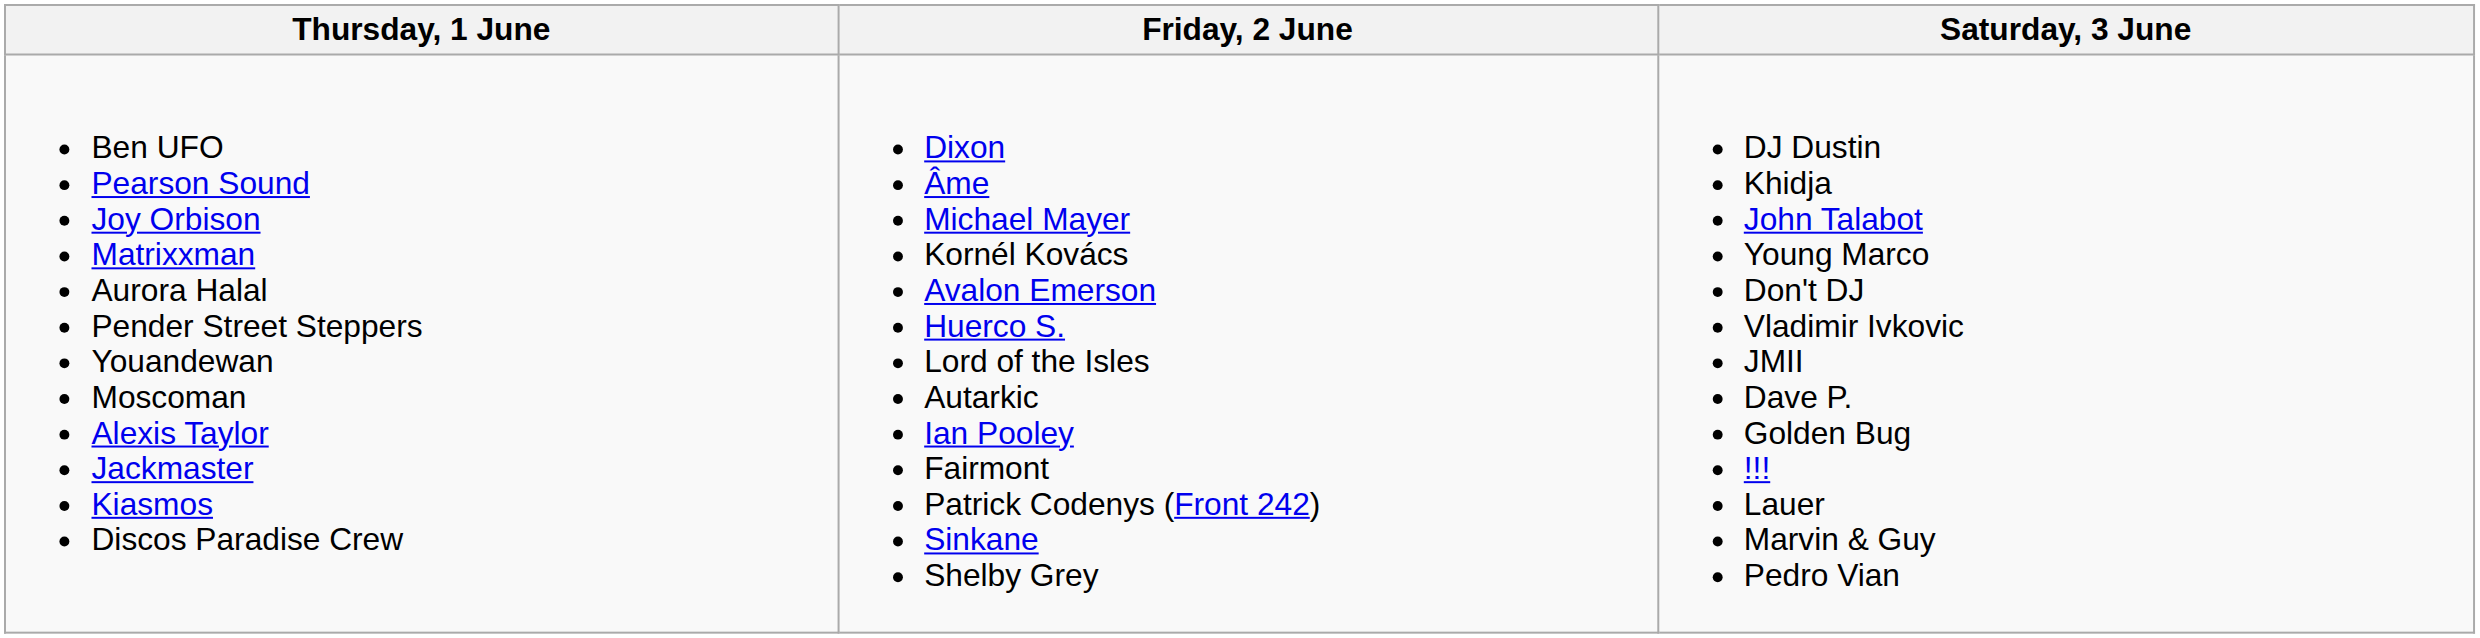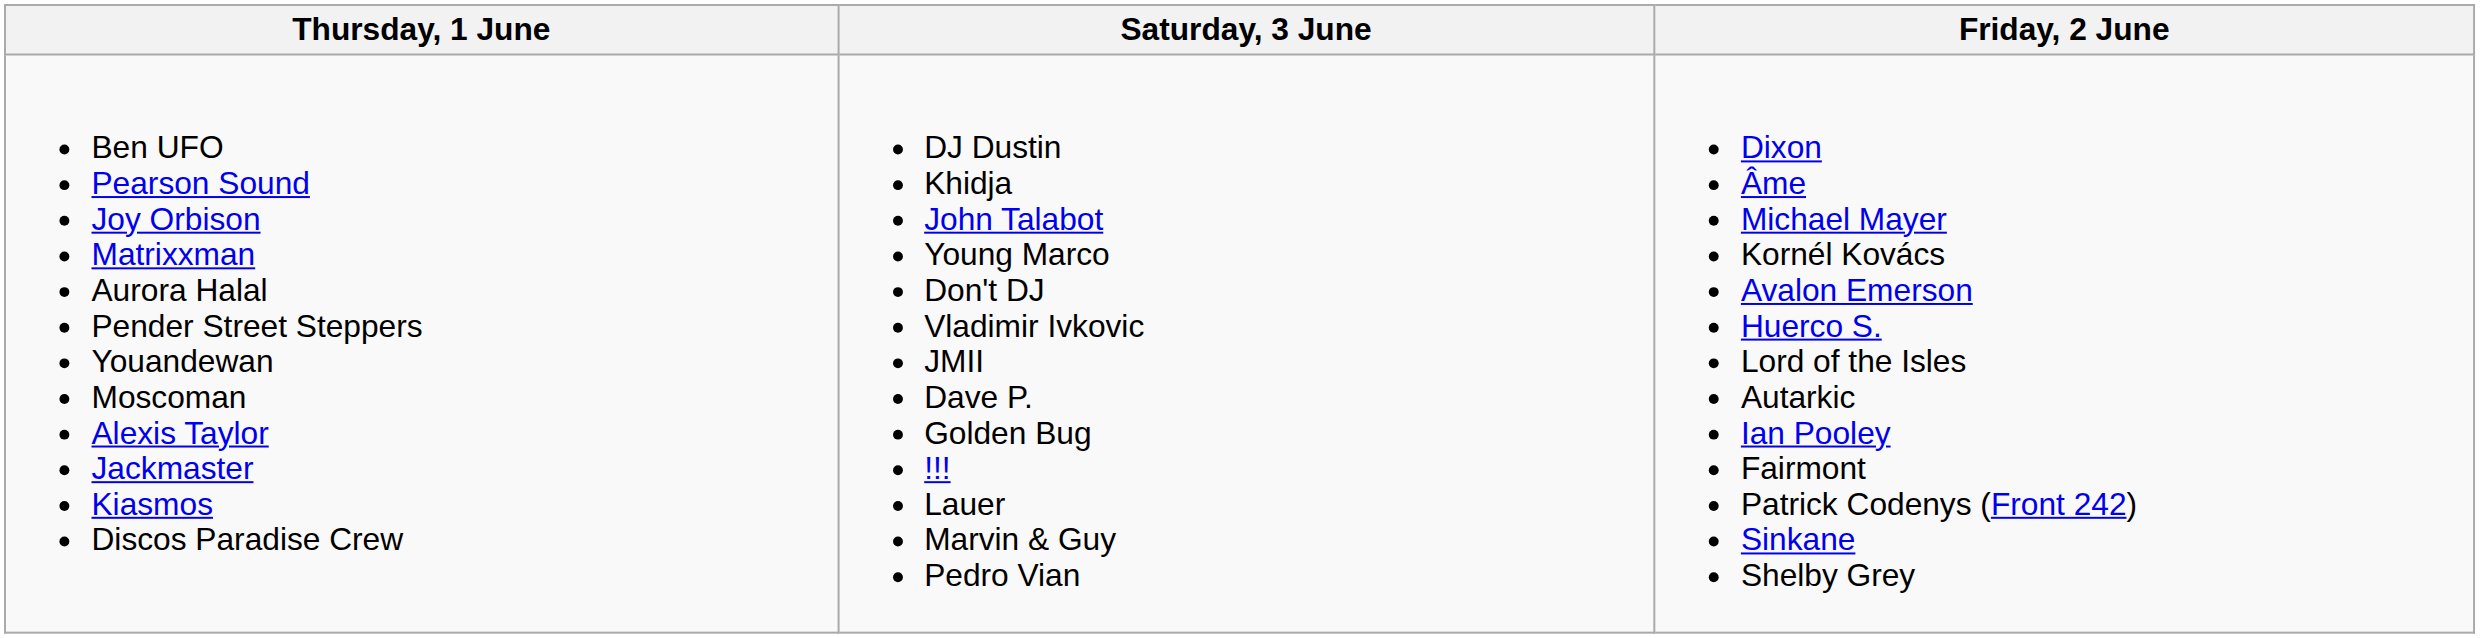 <table class="wikitable">
 <tr>
 <th width="500">Thursday, 1 June</th>
+<th width="500">Saturday, 3 June</th>
 <th width="500">Friday, 2 June</th>
-<th width="500">Saturday, 3 June</th>
 </tr>
 <tr valign="top">
 <td><br><ul><li>Ben UFO</li><li><a href='#'>Pearson Sound</a></li><li><a href='#'>Joy Orbison</a></li><li><a href='#'>Matrixxman</a></li><li>Aurora Halal</li><li>Pender Street Steppers</li><li>Youandewan</li><li>Moscoman</li><li><a href='#'>Alexis Taylor</a></li><li><a href='#'>Jackmaster</a></li><li><a href='#'>Kiasmos</a></li><li>Discos Paradise Crew</li></ul></td>
+<td><br><ul><li>DJ Dustin</li><li>Khidja</li><li><a href='#'>John Talabot</a></li><li>Young Marco</li><li>Don't DJ</li><li>Vladimir Ivkovic</li><li>JMII</li><li>Dave P.</li><li>Golden Bug</li><li><a href='#'>!!!</a></li><li>Lauer</li><li>Marvin & Guy</li><li>Pedro Vian</li></ul></td>
 <td><br><ul><li><a href='#'>Dixon</a></li><li><a href='#'>Âme</a></li><li><a href='#'>Michael Mayer</a></li><li>Kornél Kovács</li><li><a href='#'>Avalon Emerson</a></li><li><a href='#'>Huerco S.</a></li><li>Lord of the Isles</li><li>Autarkic</li><li><a href='#'>Ian Pooley</a></li><li>Fairmont</li><li>Patrick Codenys (<a href='#'>Front 242</a>)</li><li><a href='#'>Sinkane</a></li><li>Shelby Grey</li></ul></td>
-<td><br><ul><li>DJ Dustin</li><li>Khidja</li><li><a href='#'>John Talabot</a></li><li>Young Marco</li><li>Don't DJ</li><li>Vladimir Ivkovic</li><li>JMII</li><li>Dave P.</li><li>Golden Bug</li><li><a href='#'>!!!</a></li><li>Lauer</li><li>Marvin & Guy</li><li>Pedro Vian</li></ul></td>
 </tr>
 </table>
